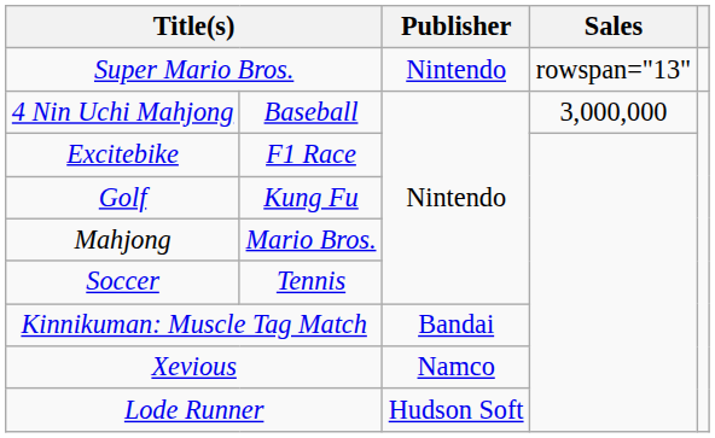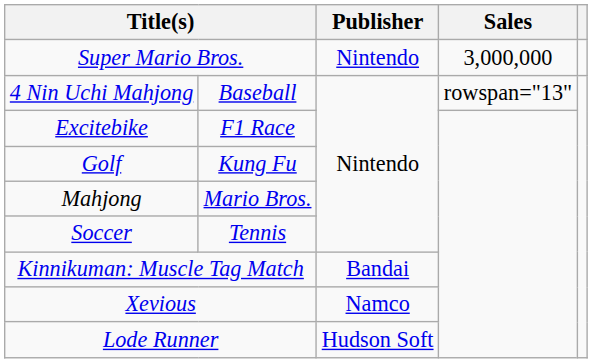 <table class="wikitable sortable" style="text-align:center">
 <tr>
 <th colspan="2">Title(s)</th>
 <th>Publisher</th>
 <th>Sales</th>
 <th class="unsortable"></th>
 </tr>
 <tr>
 <td colspan="2"><em><a href='#'>Super Mario Bros.</a></em></td>
 <td><a href='#'>Nintendo</a></td>
-<td>rowspan="13" </td>
+<td>3,000,000</td>
 <td></td>
 </tr>
 <tr>
 <td><em><a href='#'>4 Nin Uchi Mahjong</a></em></td>
 <td><em><a href='#'>Baseball</a></em></td>
 <td rowspan="5">Nintendo</td>
-<td>3,000,000</td>
+<td>rowspan="13" </td>
 <td rowspan="8"></td>
 </tr>
 <tr>
 <td><em><a href='#'>Excitebike</a></em></td>
 <td><em><a href='#'>F1 Race</a></em></td>
 </tr>
 <tr>
 <td><em><a href='#'>Golf</a></em></td>
 <td><em><a href='#'>Kung Fu</a></em></td>
 </tr>
 <tr>
 <td><em>Mahjong</em></td>
 <td><em><a href='#'>Mario Bros.</a></em></td>
 </tr>
 <tr>
 <td><em><a href='#'>Soccer</a></em></td>
 <td><em><a href='#'>Tennis</a></em></td>
 </tr>
 <tr>
 <td colspan="2"><em><a href='#'>Kinnikuman: Muscle Tag Match</a></em></td>
 <td><a href='#'>Bandai</a></td>
 </tr>
 <tr>
 <td colspan="2"><em><a href='#'>Xevious</a></em></td>
 <td><a href='#'>Namco</a></td>
 </tr>
 <tr>
 <td colspan="2"><em><a href='#'>Lode Runner</a></em></td>
 <td><a href='#'>Hudson Soft</a></td>
 </tr>
 </table>
